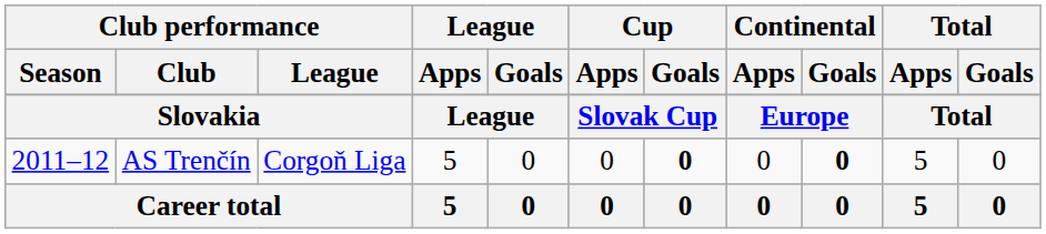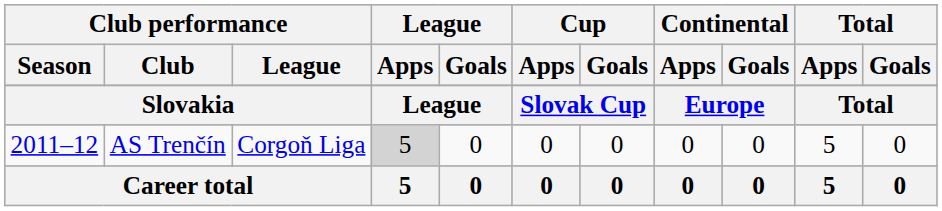 <table class="wikitable" style="text-align:center">
 <tr>
 <th colspan=3>Club performance</th>
 <th colspan=2>League</th>
 <th colspan=2>Cup</th>
 <th colspan=2>Continental</th>
 <th colspan=2>Total</th>
 </tr>
 <tr>
 <th>Season</th>
 <th>Club</th>
 <th>League</th>
 <th>Apps</th>
 <th>Goals</th>
 <th>Apps</th>
 <th>Goals</th>
 <th>Apps</th>
 <th>Goals</th>
 <th>Apps</th>
 <th>Goals</th>
 </tr>
 <tr>
 </tr>
 <tr>
 <th colspan=3>Slovakia</th>
 <th colspan=2>League</th>
 <th colspan=2><a href='#'>Slovak Cup</a></th>
 <th colspan=2><a href='#'>Europe</a></th>
 <th colspan=2>Total</th>
 </tr>
 <tr>
 <td><a href='#'>2011–12</a></td>
 <td rowspan="1"><a href='#'>AS Trenčín</a></td>
 <td rowspan="1"><a href='#'>Corgoň Liga</a></td>
-<td>5</td>
+<td style="background: lightgrey;">5</td>
 <td>0</td>
 <td>0</td>
-<td><strong>0</strong></td>
 <td>0</td>
-<td><strong>0</strong></td>
+<td>0</td>
+<td>0</td>
 <td>5</td>
 <td>0</td>
 </tr>
 <tr>
 <th colspan=3>Career total</th>
 <th>5</th>
 <th>0</th>
 <th>0</th>
 <th>0</th>
 <th>0</th>
 <th>0</th>
 <th>5</th>
 <th>0</th>
 </tr>
 </table>
